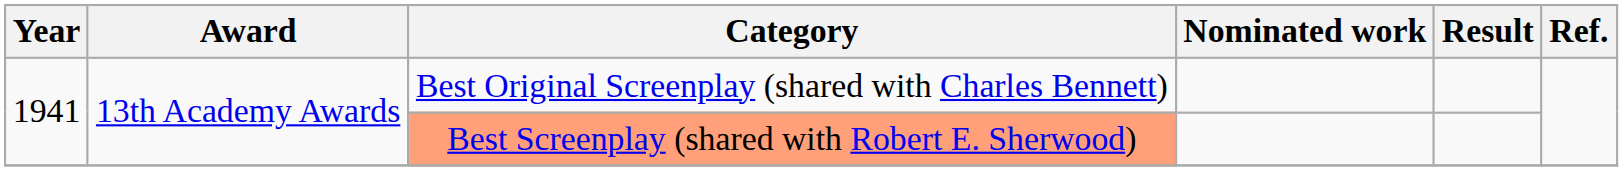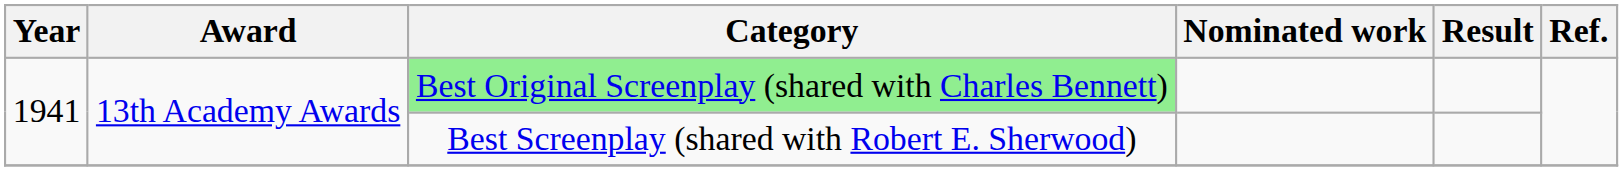 <table class="wikitable sortable plainrowheaders" style="text-align:center;">
 <tr>
 <th>Year</th>
 <th>Award</th>
 <th>Category</th>
 <th>Nominated work</th>
 <th>Result</th>
 <th>Ref.</th>
 </tr>
 <tr>
 <td rowspan="2">1941</td>
 <td rowspan="2"><a href='#'>13th Academy Awards</a></td>
-<td><a href='#'>Best Original Screenplay</a> (shared with <a href='#'>Charles Bennett</a>)</td>
+<td style="background: lightgreen;"><a href='#'>Best Original Screenplay</a> (shared with <a href='#'>Charles Bennett</a>)</td>
 <td></td>
 <td></td>
 <td rowspan="2"></td>
 </tr>
 <tr>
-<td style="background: lightsalmon;"><a href='#'>Best Screenplay</a> (shared with <a href='#'>Robert E. Sherwood</a>)</td>
+<td><a href='#'>Best Screenplay</a> (shared with <a href='#'>Robert E. Sherwood</a>)</td>
 <td></td>
 <td></td>
 </tr>
 <tr>
 </tr>
 </table>
